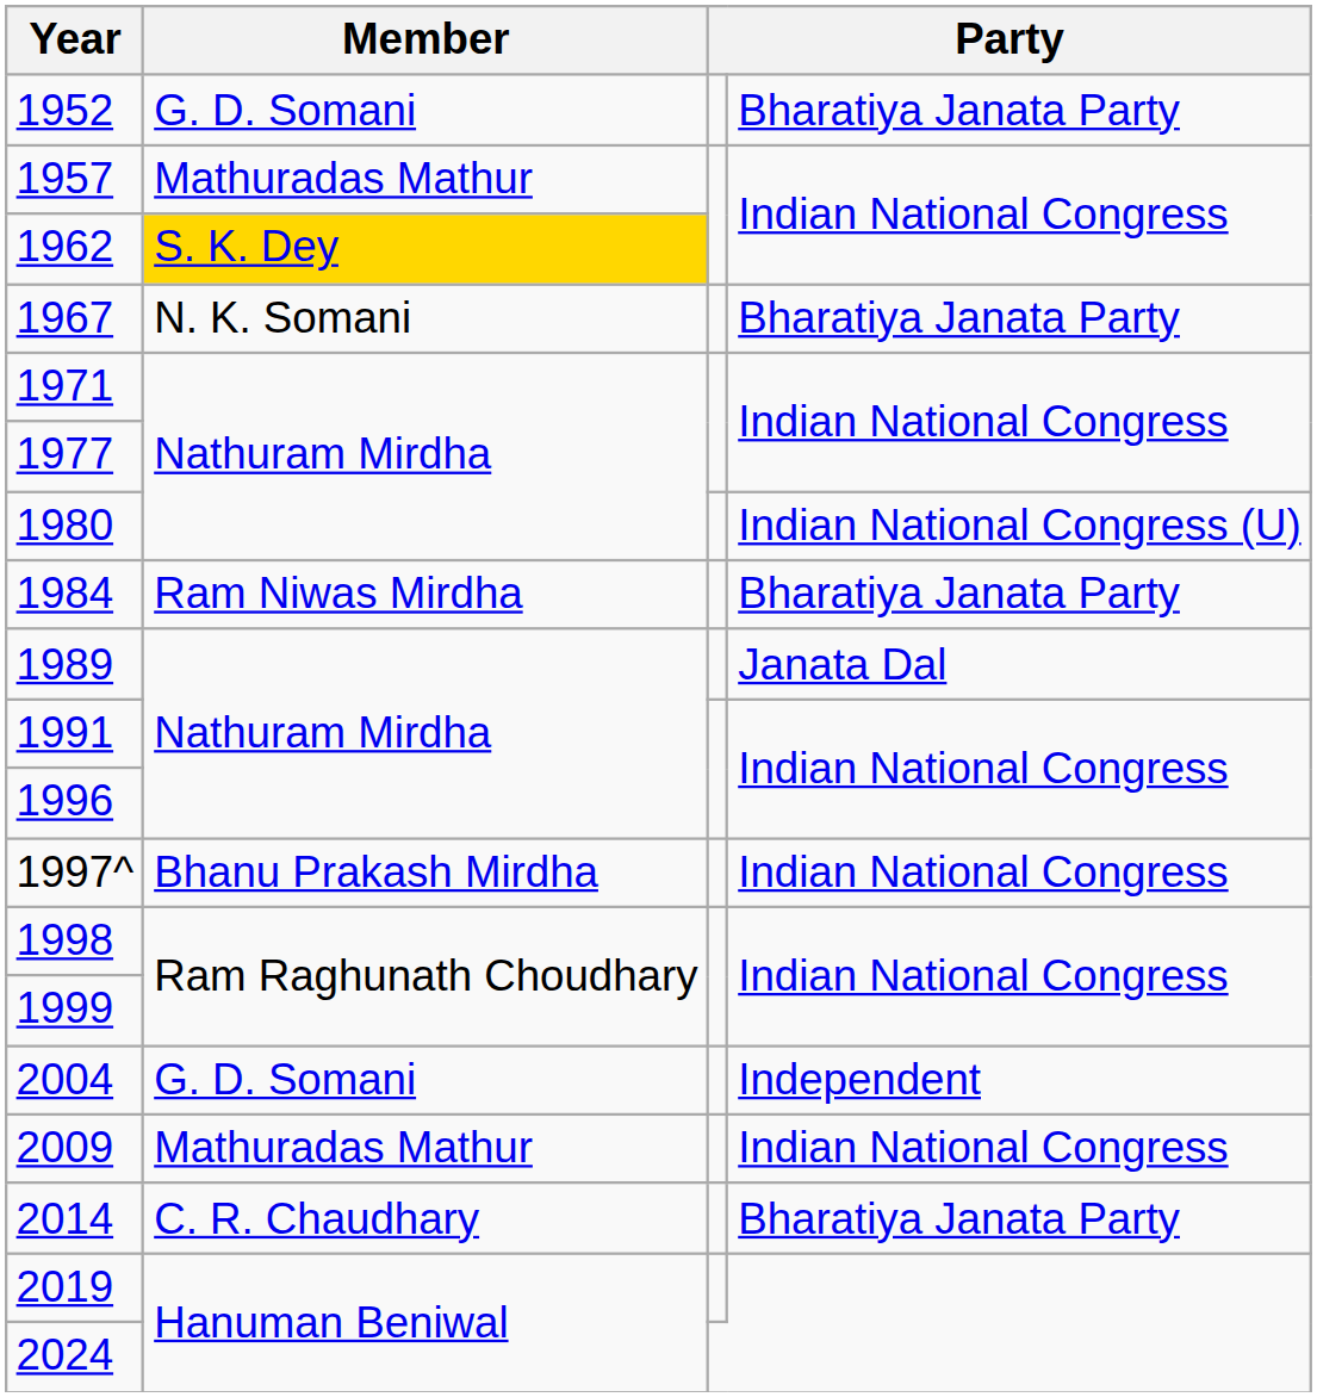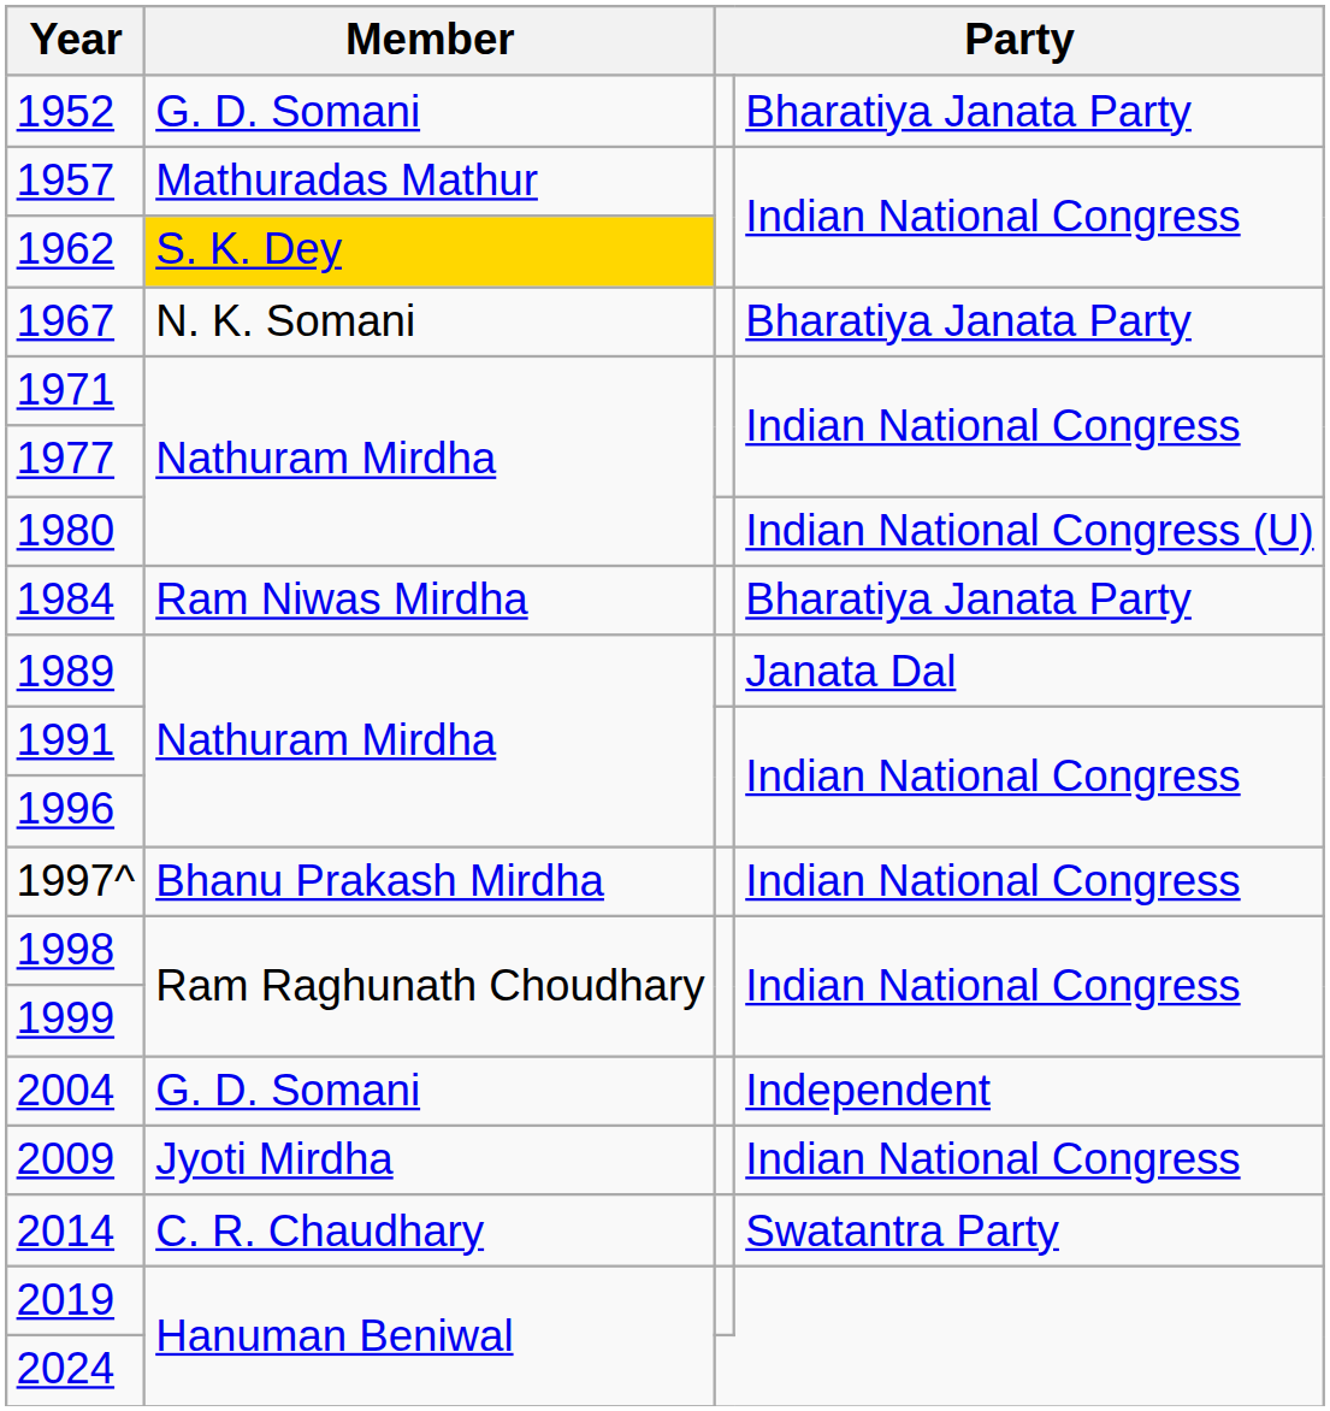 <table class="wikitable">
 <tr>
 <th>Year</th>
 <th>Member</th>
 <th colspan="2">Party</th>
 </tr>
 <tr>
 <td><a href='#'>1952</a></td>
 <td><a href='#'>G. D. Somani</a></td>
 <td style="background-color: "></td>
 <td><a href='#'>Bharatiya Janata Party</a></td>
 </tr>
 <tr>
 <td><a href='#'>1957</a></td>
 <td><a href='#'>Mathuradas Mathur</a></td>
 <td rowspan="2" style="background-color: "></td>
 <td rowspan="2"><a href='#'>Indian National Congress</a></td>
 </tr>
 <tr>
 <td><a href='#'>1962</a></td>
 <td style="background: gold;"><a href='#'>S. K. Dey</a></td>
 </tr>
 <tr>
 <td><a href='#'>1967</a></td>
 <td>N. K. Somani</td>
 <td style="background-color: "></td>
 <td><a href='#'>Bharatiya Janata Party</a></td>
 </tr>
 <tr>
 <td><a href='#'>1971</a></td>
 <td rowspan="3"><a href='#'>Nathuram Mirdha</a></td>
 <td rowspan="2" style="background-color: "></td>
 <td rowspan="2"><a href='#'>Indian National Congress</a></td>
 </tr>
 <tr>
 <td><a href='#'>1977</a></td>
 </tr>
 <tr>
 <td><a href='#'>1980</a></td>
 <td style="background-color: "></td>
 <td><a href='#'>Indian National Congress (U)</a></td>
 </tr>
 <tr>
 <td><a href='#'>1984</a></td>
 <td><a href='#'>Ram Niwas Mirdha</a></td>
 <td style="background-color: "></td>
 <td><a href='#'>Bharatiya Janata Party</a></td>
 </tr>
 <tr>
 <td><a href='#'>1989</a></td>
 <td rowspan="3"><a href='#'>Nathuram Mirdha</a></td>
 <td style="background-color: "></td>
 <td><a href='#'>Janata Dal</a></td>
 </tr>
 <tr>
 <td><a href='#'>1991</a></td>
 <td rowspan="2" style="background-color: "></td>
 <td rowspan="2"><a href='#'>Indian National Congress</a></td>
 </tr>
 <tr>
 <td><a href='#'>1996</a></td>
 </tr>
 <tr>
 <td>1997^</td>
 <td><a href='#'>Bhanu Prakash Mirdha</a></td>
 <td style="background-color: "></td>
 <td><a href='#'>Indian National Congress</a></td>
 </tr>
 <tr>
 <td><a href='#'>1998</a></td>
 <td rowspan="2">Ram Raghunath Choudhary</td>
 <td rowspan="2" style="background-color: "></td>
 <td rowspan="2"><a href='#'>Indian National Congress</a></td>
 </tr>
 <tr>
 <td><a href='#'>1999</a></td>
 </tr>
 <tr>
 <td><a href='#'>2004</a></td>
 <td><a href='#'>G. D. Somani</a></td>
 <td style="background-color: "></td>
 <td><a href='#'>Independent</a></td>
 </tr>
 <tr>
 <td><a href='#'>2009</a></td>
-<td><a href='#'>Mathuradas Mathur</a></td>
+<td><a href='#'>Jyoti Mirdha</a></td>
 <td style="background-color: "></td>
 <td><a href='#'>Indian National Congress</a></td>
 </tr>
 <tr>
 <td><a href='#'>2014</a></td>
 <td><a href='#'>C. R. Chaudhary</a></td>
 <td style="background-color: "></td>
-<td><a href='#'>Bharatiya Janata Party</a></td>
+<td><a href='#'>Swatantra Party</a></td>
 </tr>
 <tr>
 <td><a href='#'>2019</a></td>
 <td rowspan =2><a href='#'>Hanuman Beniwal</a></td>
 <td></td>
 </tr>
 <tr>
 <td><a href='#'>2024</a></td>
 </tr>
 <tr>
 </tr>
 </table>
